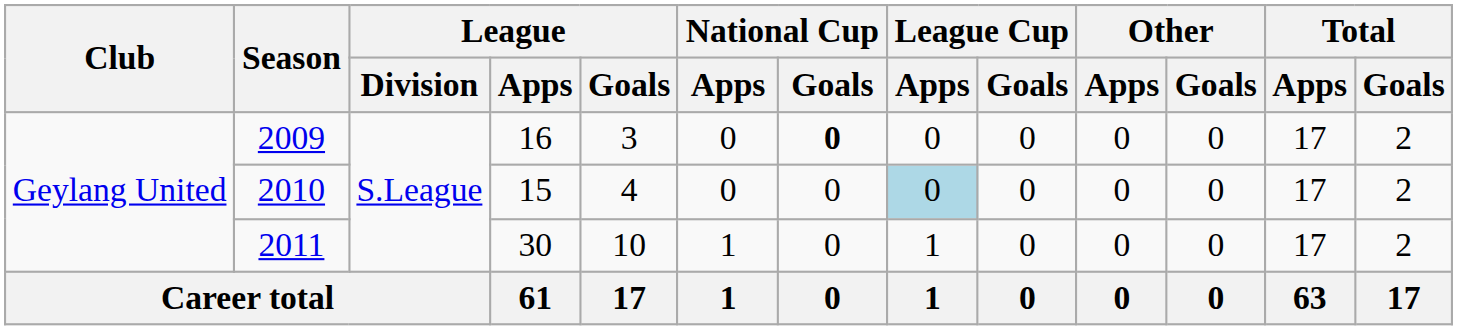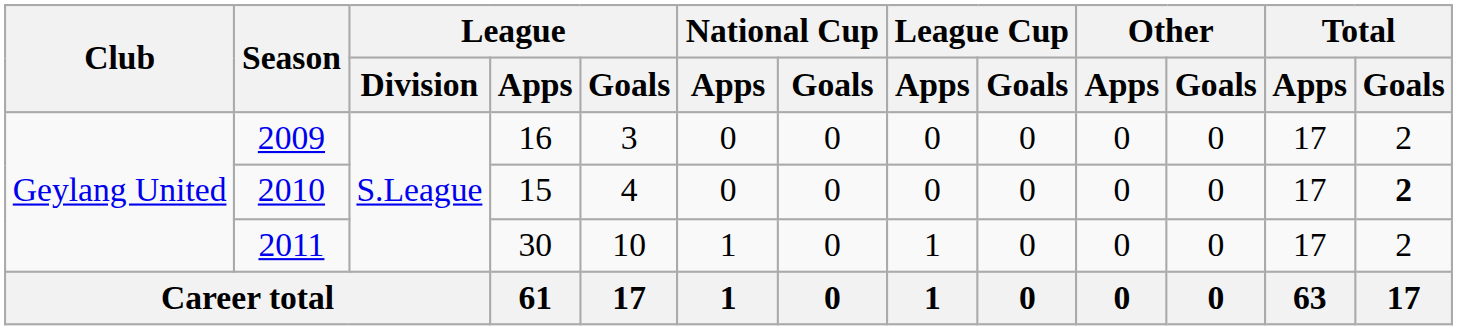 <table class="wikitable" style="text-align: center">
 <tr>
 <th rowspan="2">Club</th>
 <th rowspan="2">Season</th>
 <th colspan="3">League</th>
 <th colspan="2">National Cup</th>
 <th colspan="2">League Cup</th>
 <th colspan="2">Other</th>
 <th colspan="2">Total</th>
 </tr>
 <tr>
 <th>Division</th>
 <th>Apps</th>
 <th>Goals</th>
 <th>Apps</th>
 <th>Goals</th>
 <th>Apps</th>
 <th>Goals</th>
 <th>Apps</th>
 <th>Goals</th>
 <th>Apps</th>
 <th>Goals</th>
 </tr>
 <tr>
 <td rowspan="3"><a href='#'>Geylang United</a></td>
 <td><a href='#'>2009</a></td>
 <td rowspan="3"><a href='#'>S.League</a></td>
 <td>16</td>
 <td>3</td>
 <td>0</td>
-<td><strong>0</strong></td>
+<td>0</td>
 <td>0</td>
 <td>0</td>
 <td>0</td>
 <td>0</td>
 <td>17</td>
 <td>2</td>
 </tr>
 <tr>
 <td><a href='#'>2010</a></td>
 <td>15</td>
 <td>4</td>
 <td>0</td>
 <td>0</td>
-<td style="background: lightblue;">0</td>
+<td>0</td>
 <td>0</td>
 <td>0</td>
 <td>0</td>
 <td>17</td>
-<td>2</td>
+<td><strong>2</strong></td>
 </tr>
 <tr>
 <td><a href='#'>2011</a></td>
 <td>30</td>
 <td>10</td>
 <td>1</td>
 <td>0</td>
 <td>1</td>
 <td>0</td>
 <td>0</td>
 <td>0</td>
 <td>17</td>
 <td>2</td>
 </tr>
 <tr>
 <th colspan=3>Career total</th>
 <th>61</th>
 <th>17</th>
 <th>1</th>
 <th>0</th>
 <th>1</th>
 <th>0</th>
 <th>0</th>
 <th>0</th>
 <th>63</th>
 <th>17</th>
 </tr>
 </table>
